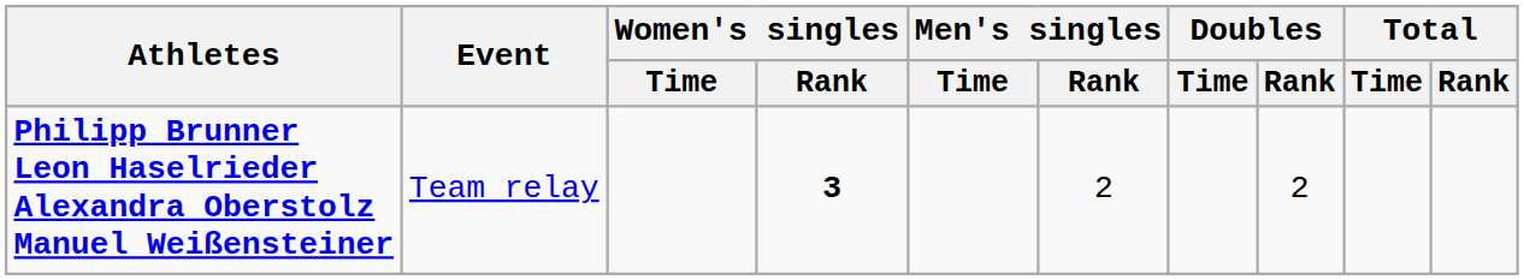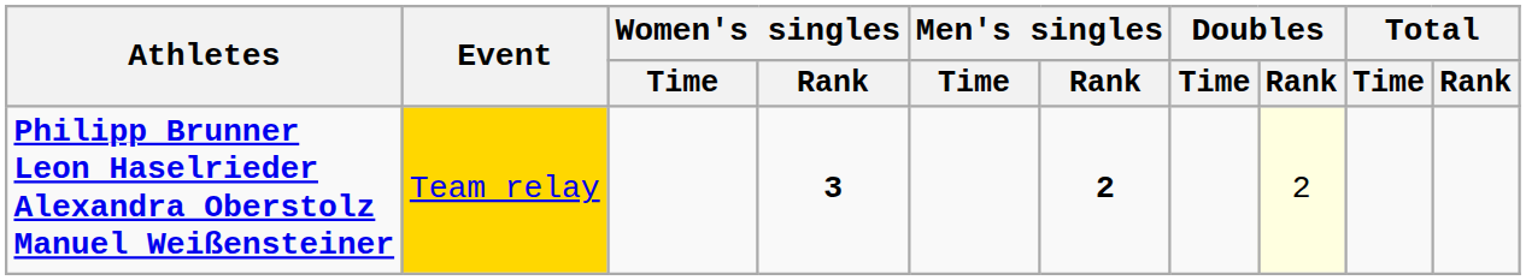 <table class="wikitable" style="font-size:90%">
 <tr>
 <th rowspan="2">Athletes</th>
 <th rowspan="2">Event</th>
 <th colspan=2>Women's singles</th>
 <th colspan=2>Men's singles</th>
 <th colspan=2>Doubles</th>
 <th colspan=2>Total</th>
 </tr>
 <tr style="font-size:95%">
 <th>Time</th>
 <th>Rank</th>
 <th>Time</th>
 <th>Rank</th>
 <th>Time</th>
 <th>Rank</th>
 <th>Time</th>
 <th>Rank</th>
 </tr>
 <tr align=center>
 <td align=left><strong><a href='#'>Philipp Brunner</a><br><a href='#'>Leon Haselrieder</a><br><a href='#'>Alexandra Oberstolz</a><br><a href='#'>Manuel Weißensteiner</a></strong></td>
-<td align=left><a href='#'>Team relay</a></td>
+<td align=left style="background: gold;"><a href='#'>Team relay</a></td>
 <td></td>
 <td><strong>3</strong></td>
 <td></td>
-<td>2</td>
+<td><strong>2</strong></td>
 <td></td>
-<td>2</td>
+<td style="background: lightyellow;">2</td>
 <td></td>
 <td></td>
 </tr>
 </table>
